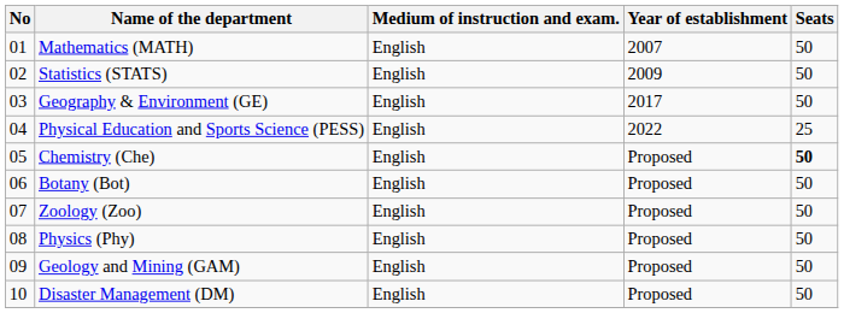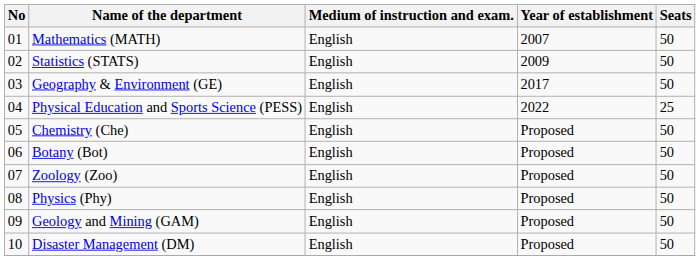 <table class="wikitable">
 <tr>
 <th>No</th>
 <th>Name of the department</th>
 <th>Medium of instruction and exam.</th>
 <th>Year of establishment</th>
 <th>Seats</th>
 </tr>
 <tr>
 <td>01</td>
 <td><a href='#'>Mathematics</a> (MATH)</td>
 <td>English</td>
 <td>2007</td>
 <td>50</td>
 </tr>
 <tr>
 <td>02</td>
 <td><a href='#'>Statistics</a> (STATS)</td>
 <td>English</td>
 <td>2009</td>
 <td>50</td>
 </tr>
 <tr>
 <td>03</td>
 <td><a href='#'>Geography</a> & <a href='#'>Environment</a> (GE)</td>
 <td>English</td>
 <td>2017</td>
 <td>50</td>
 </tr>
 <tr>
 <td>04</td>
 <td><a href='#'>Physical Education</a> and <a href='#'>Sports Science</a> (PESS)</td>
 <td>English</td>
 <td>2022</td>
 <td>25</td>
 </tr>
 <tr>
 <td>05</td>
 <td><a href='#'>Chemistry</a> (Che)</td>
 <td>English</td>
 <td>Proposed</td>
-<td><strong>50</strong></td>
+<td>50</td>
 </tr>
 <tr>
 <td>06</td>
 <td><a href='#'>Botany</a> (Bot)</td>
 <td>English</td>
 <td>Proposed</td>
 <td>50</td>
 </tr>
 <tr>
 <td>07</td>
 <td><a href='#'>Zoology</a> (Zoo)</td>
 <td>English</td>
 <td>Proposed</td>
 <td>50</td>
 </tr>
 <tr>
 <td>08</td>
 <td><a href='#'>Physics</a> (Phy)</td>
 <td>English</td>
 <td>Proposed</td>
 <td>50</td>
 </tr>
 <tr>
 <td>09</td>
 <td><a href='#'>Geology</a> and <a href='#'>Mining</a> (GAM)</td>
 <td>English</td>
 <td>Proposed</td>
 <td>50</td>
 </tr>
 <tr>
 <td>10</td>
 <td><a href='#'>Disaster Management</a> (DM)</td>
 <td>English</td>
 <td>Proposed</td>
 <td>50</td>
 </tr>
 <tr>
 </tr>
 </table>
